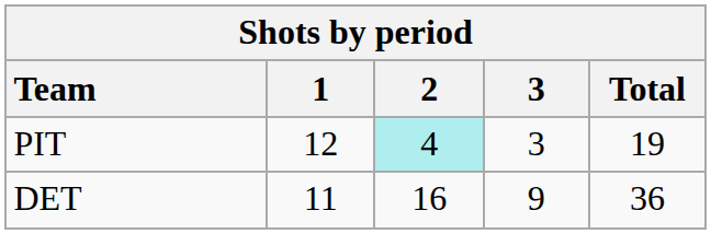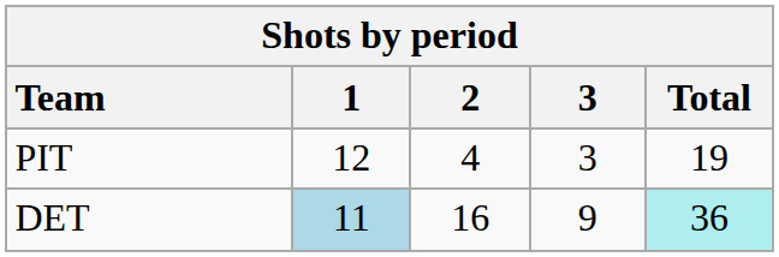 <table class="wikitable" style="width:20em">
 <tr>
 <th colspan="6">Shots by period</th>
 </tr>
 <tr>
 <th style="width:8em; text-align:left;">Team</th>
 <th style="width:3em;">1</th>
 <th style="width:3em;">2</th>
 <th style="width:3em;">3</th>
 <th style="width:3em;">Total</th>
 </tr>
 <tr style="text-align:center;">
 <td align="left">PIT</td>
 <td>12</td>
-<td style="background: paleturquoise;">4</td>
+<td>4</td>
 <td>3</td>
 <td>19</td>
 </tr>
 <tr style="text-align:center;">
 <td align="left">DET</td>
-<td>11</td>
+<td style="background: lightblue;">11</td>
 <td>16</td>
 <td>9</td>
-<td>36</td>
+<td style="background: paleturquoise;">36</td>
 </tr>
 </table>
